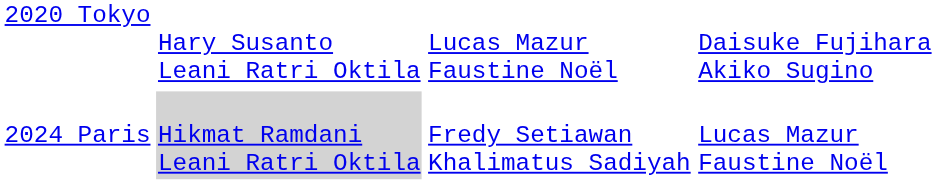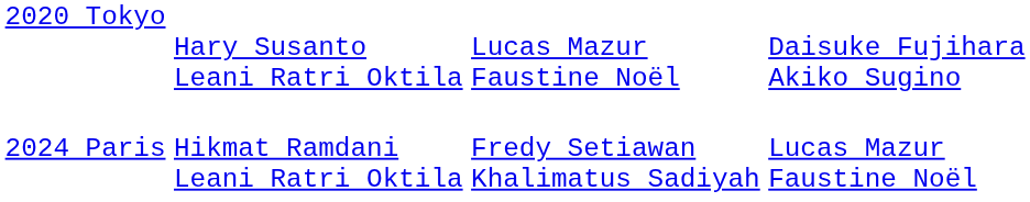 <table>
 <tr valign="top">
 <td><a href='#'>2020 Tokyo</a><br></td>
 <td><br><a href='#'>Hary Susanto</a><br><a href='#'>Leani Ratri Oktila</a></td>
 <td><br><a href='#'>Lucas Mazur</a><br><a href='#'>Faustine Noël</a></td>
 <td><br><a href='#'>Daisuke Fujihara</a><br><a href='#'>Akiko Sugino</a></td>
 </tr>
 <tr>
 <td><a href='#'>2024 Paris</a><br></td>
-<td style="background: lightgrey;"><br><a href='#'>Hikmat Ramdani</a><br><a href='#'>Leani Ratri Oktila</a></td>
+<td><br><a href='#'>Hikmat Ramdani</a><br><a href='#'>Leani Ratri Oktila</a></td>
 <td><br><a href='#'>Fredy Setiawan</a><br><a href='#'>Khalimatus Sadiyah</a></td>
 <td><br><a href='#'>Lucas Mazur</a><br><a href='#'>Faustine Noël</a></td>
 </tr>
 </table>
